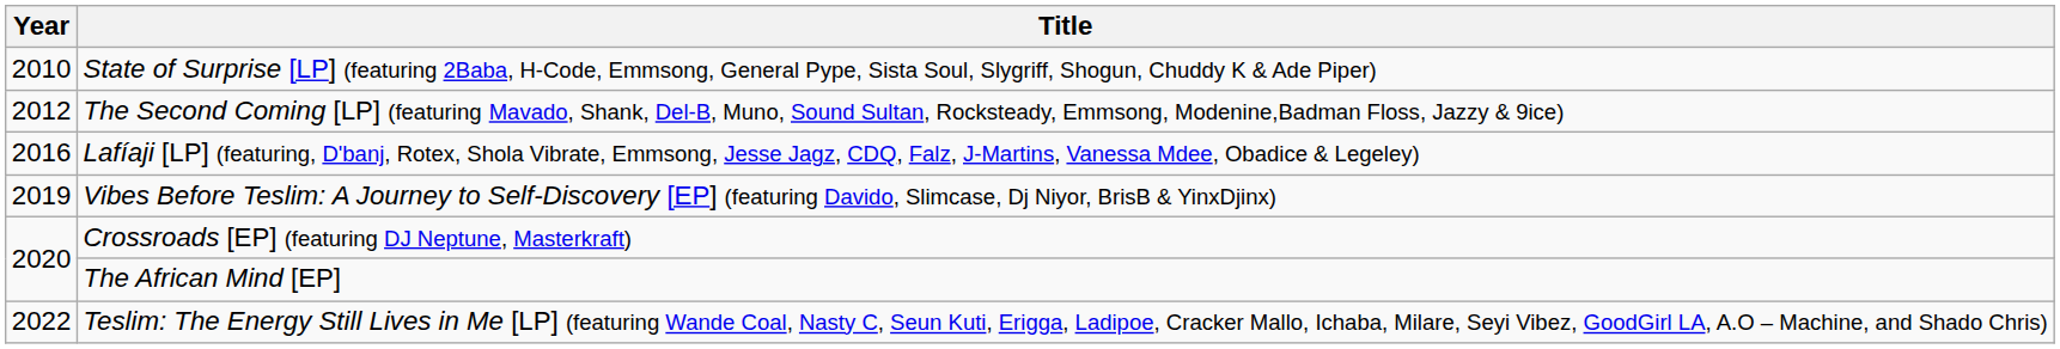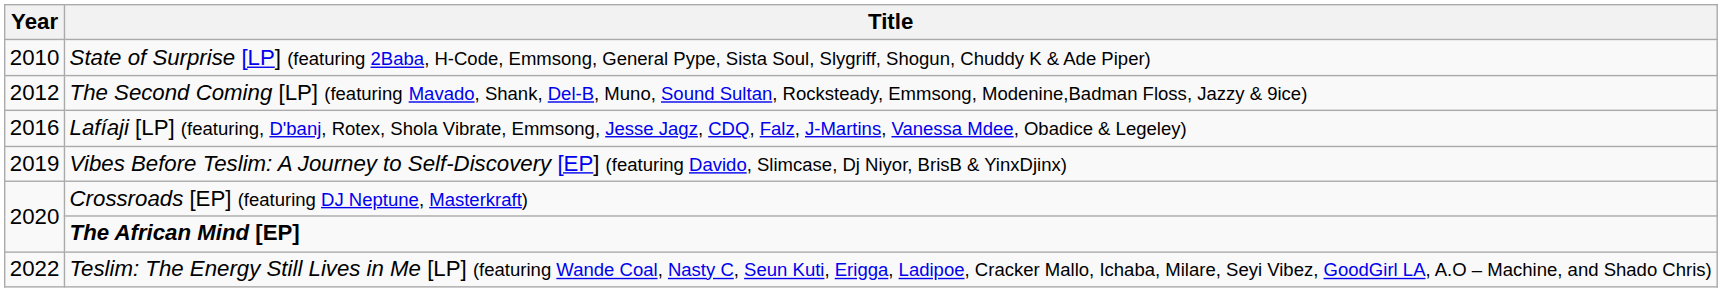 <table class="wikitable">
 <tr>
 <th>Year</th>
 <th>Title</th>
 </tr>
 <tr>
 <td>2010</td>
 <td><em>State of Surprise</em> <a href='#'>[LP</a>] <small>(featuring <a href='#'>2Baba</a>, H-Code, Emmsong, General Pype, Sista Soul, Slygriff, Shogun, Chuddy K & Ade Piper)</small></td>
 </tr>
 <tr>
 <td>2012</td>
 <td><em>The Second Coming</em> [LP] <small>(featuring</small> <small><a href='#'>Mavado</a>, Shank, <a href='#'>Del-B</a>, Muno, <a href='#'>Sound Sultan</a>, Rocksteady, Emmsong, Modenine,Badman Floss, Jazzy & 9ice)</small></td>
 </tr>
 <tr>
 <td>2016</td>
 <td><em>Lafíaji</em> [LP] <small>(featuring, <a href='#'>D'banj</a>, Rotex, Shola Vibrate, Emmsong, <a href='#'>Jesse Jagz</a>, <a href='#'>CDQ</a>, <a href='#'>Falz</a>, <a href='#'>J-Martins</a>, <a href='#'>Vanessa Mdee</a>, Obadice & Legeley)</small></td>
 </tr>
 <tr>
 <td>2019</td>
 <td><em>Vibes Before Teslim: A Journey to Self-Discovery</em> <a href='#'>[EP</a>] <small>(featuring <a href='#'>Davido</a>, Slimcase, Dj Niyor, BrisB & YinxDjinx)</small></td>
 </tr>
 <tr>
 <td rowspan="2">2020</td>
 <td><em>Crossroads</em> [EP] <small>(featuring <a href='#'>DJ Neptune</a>, <a href='#'>Masterkraft</a>)</small></td>
 </tr>
 <tr>
-<td><em>The African Mind</em> [EP]</td>
+<td><strong><em>The African Mind</em> [EP]</strong></td>
 </tr>
 <tr>
 <td>2022</td>
 <td><em>Teslim: The Energy Still Lives in Me</em> [LP] <small>(featuring <a href='#'>Wande Coal</a>, <a href='#'>Nasty C</a>, <a href='#'>Seun Kuti</a>, <a href='#'>Erigga</a>, <a href='#'>Ladipoe</a>, Cracker Mallo, Ichaba, Milare, Seyi Vibez, <a href='#'>GoodGirl LA</a>, A.O – Machine, and Shado Chris)</small></td>
 </tr>
 </table>
